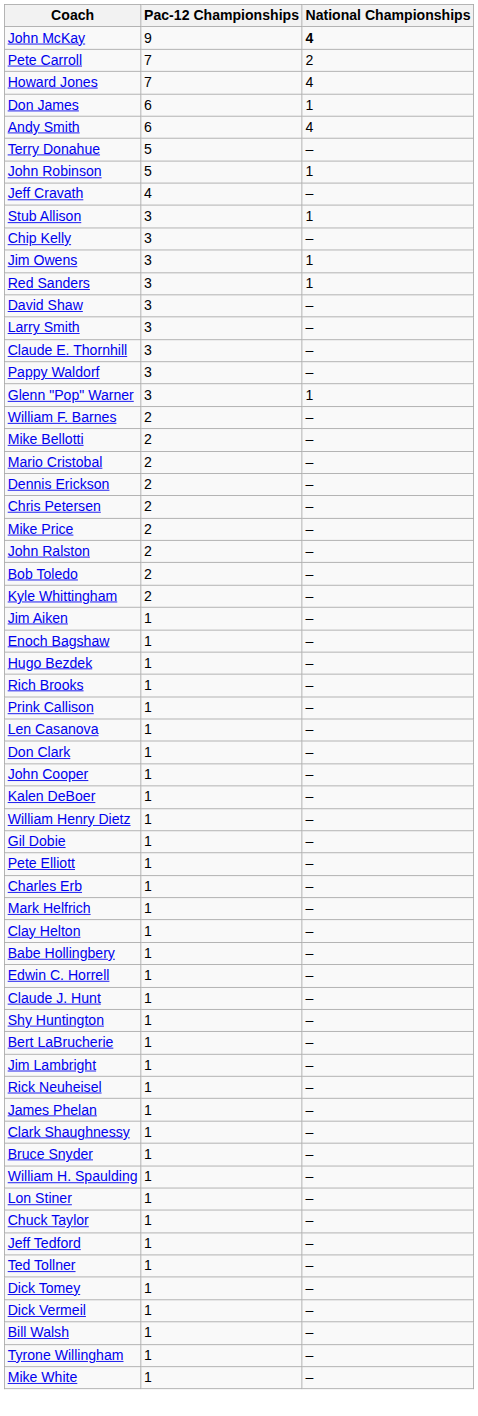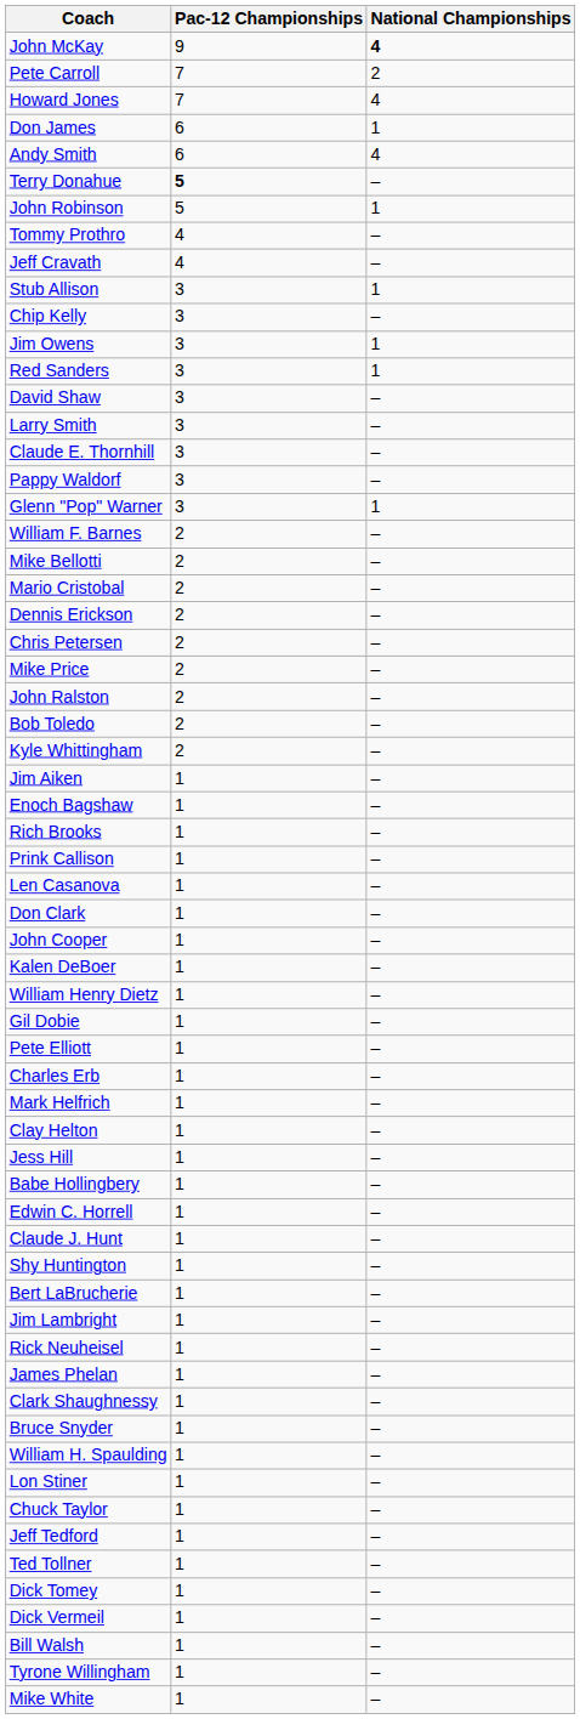 <table class="wikitable sortable" style="align:center;">
 <tr>
 <th>Coach</th>
 <th>Pac-12 Championships</th>
 <th>National Championships</th>
 </tr>
 <tr>
 <td><a href='#'>John McKay</a></td>
 <td>9</td>
 <td><strong>4</strong></td>
 </tr>
 <tr>
 <td><a href='#'>Pete Carroll</a></td>
 <td>7</td>
 <td>2</td>
 </tr>
 <tr>
 <td><a href='#'>Howard Jones</a></td>
 <td>7</td>
 <td>4</td>
 </tr>
 <tr>
 <td><a href='#'>Don James</a></td>
 <td>6</td>
 <td>1</td>
 </tr>
 <tr>
 <td><a href='#'>Andy Smith</a></td>
 <td>6</td>
 <td>4</td>
 </tr>
 <tr>
 <td><a href='#'>Terry Donahue</a></td>
-<td>5</td>
+<td><strong>5</strong></td>
 <td>–</td>
 </tr>
 <tr>
 <td><a href='#'>John Robinson</a></td>
 <td>5</td>
 <td>1</td>
+</tr>
+<tr>
+<td><a href='#'>Tommy Prothro</a></td>
+<td>4</td>
+<td>–</td>
 </tr>
 <tr>
 <td><a href='#'>Jeff Cravath</a></td>
 <td>4</td>
 <td>–</td>
 </tr>
 <tr>
 <td><a href='#'>Stub Allison</a></td>
 <td>3</td>
 <td>1</td>
 </tr>
 <tr>
 <td><a href='#'>Chip Kelly</a></td>
 <td>3</td>
 <td>–</td>
 </tr>
 <tr>
 <td><a href='#'>Jim Owens</a></td>
 <td>3</td>
 <td>1</td>
 </tr>
 <tr>
 <td><a href='#'>Red Sanders</a></td>
 <td>3</td>
 <td>1</td>
 </tr>
 <tr>
 <td><a href='#'>David Shaw</a></td>
 <td>3</td>
 <td>–</td>
 </tr>
 <tr>
 <td><a href='#'>Larry Smith</a></td>
 <td>3</td>
 <td>–</td>
 </tr>
 <tr>
 <td><a href='#'>Claude E. Thornhill</a></td>
 <td>3</td>
 <td>–</td>
 </tr>
 <tr>
 <td><a href='#'>Pappy Waldorf</a></td>
 <td>3</td>
 <td>–</td>
 </tr>
 <tr>
 <td><a href='#'>Glenn "Pop" Warner</a></td>
 <td>3</td>
 <td>1</td>
 </tr>
 <tr>
 <td><a href='#'>William F. Barnes</a></td>
 <td>2</td>
 <td>–</td>
 </tr>
 <tr>
 <td><a href='#'>Mike Bellotti</a></td>
 <td>2</td>
 <td>–</td>
 </tr>
 <tr>
 <td><a href='#'>Mario Cristobal</a></td>
 <td>2</td>
 <td>–</td>
 </tr>
 <tr>
 <td><a href='#'>Dennis Erickson</a></td>
 <td>2</td>
 <td>–</td>
 </tr>
 <tr>
 <td><a href='#'>Chris Petersen</a></td>
 <td>2</td>
 <td>–</td>
 </tr>
 <tr>
 <td><a href='#'>Mike Price</a></td>
 <td>2</td>
 <td>–</td>
 </tr>
 <tr>
 <td><a href='#'>John Ralston</a></td>
 <td>2</td>
 <td>–</td>
 </tr>
 <tr>
 <td><a href='#'>Bob Toledo</a></td>
 <td>2</td>
 <td>–</td>
 </tr>
 <tr>
 <td><a href='#'>Kyle Whittingham</a></td>
 <td>2</td>
 <td>–</td>
 </tr>
 <tr>
 <td><a href='#'>Jim Aiken</a></td>
 <td>1</td>
 <td>–</td>
 </tr>
 <tr>
 <td><a href='#'>Enoch Bagshaw</a></td>
 <td>1</td>
 <td>–</td>
 </tr>
 <tr>
-<td><a href='#'>Hugo Bezdek</a></td>
-<td>1</td>
-<td>–</td>
-</tr>
-<tr>
 <td><a href='#'>Rich Brooks</a></td>
 <td>1</td>
 <td>–</td>
 </tr>
 <tr>
 <td><a href='#'>Prink Callison</a></td>
 <td>1</td>
 <td>–</td>
 </tr>
 <tr>
 <td><a href='#'>Len Casanova</a></td>
 <td>1</td>
 <td>–</td>
 </tr>
 <tr>
 <td><a href='#'>Don Clark</a></td>
 <td>1</td>
 <td>–</td>
 </tr>
 <tr>
 <td><a href='#'>John Cooper</a></td>
 <td>1</td>
 <td>–</td>
 </tr>
 <tr>
 <td><a href='#'>Kalen DeBoer</a></td>
 <td>1</td>
 <td>–</td>
 </tr>
 <tr>
 <td><a href='#'>William Henry Dietz</a></td>
 <td>1</td>
 <td>–</td>
 </tr>
 <tr>
 <td><a href='#'>Gil Dobie</a></td>
 <td>1</td>
 <td>–</td>
 </tr>
 <tr>
 <td><a href='#'>Pete Elliott</a></td>
 <td>1</td>
 <td>–</td>
 </tr>
 <tr>
 <td><a href='#'>Charles Erb</a></td>
 <td>1</td>
 <td>–</td>
 </tr>
 <tr>
 <td><a href='#'>Mark Helfrich</a></td>
 <td>1</td>
 <td>–</td>
 </tr>
 <tr>
 <td><a href='#'>Clay Helton</a></td>
+<td>1</td>
+<td>–</td>
+</tr>
+<tr>
+<td><a href='#'>Jess Hill</a></td>
 <td>1</td>
 <td>–</td>
 </tr>
 <tr>
 <td><a href='#'>Babe Hollingbery</a></td>
 <td>1</td>
 <td>–</td>
 </tr>
 <tr>
 <td><a href='#'>Edwin C. Horrell</a></td>
 <td>1</td>
 <td>–</td>
 </tr>
 <tr>
 <td><a href='#'>Claude J. Hunt</a></td>
 <td>1</td>
 <td>–</td>
 </tr>
 <tr>
 <td><a href='#'>Shy Huntington</a></td>
 <td>1</td>
 <td>–</td>
 </tr>
 <tr>
 <td><a href='#'>Bert LaBrucherie</a></td>
 <td>1</td>
 <td>–</td>
 </tr>
 <tr>
 <td><a href='#'>Jim Lambright</a></td>
 <td>1</td>
 <td>–</td>
 </tr>
 <tr>
 <td><a href='#'>Rick Neuheisel</a></td>
 <td>1</td>
 <td>–</td>
 </tr>
 <tr>
 <td><a href='#'>James Phelan</a></td>
 <td>1</td>
 <td>–</td>
 </tr>
 <tr>
 <td><a href='#'>Clark Shaughnessy</a></td>
 <td>1</td>
 <td>–</td>
 </tr>
 <tr>
 <td><a href='#'>Bruce Snyder</a></td>
 <td>1</td>
 <td>–</td>
 </tr>
 <tr>
 <td><a href='#'>William H. Spaulding</a></td>
 <td>1</td>
 <td>–</td>
 </tr>
 <tr>
 <td><a href='#'>Lon Stiner</a></td>
 <td>1</td>
 <td>–</td>
 </tr>
 <tr>
 <td><a href='#'>Chuck Taylor</a></td>
 <td>1</td>
 <td>–</td>
 </tr>
 <tr>
 <td><a href='#'>Jeff Tedford</a></td>
 <td>1</td>
 <td>–</td>
 </tr>
 <tr>
 <td><a href='#'>Ted Tollner</a></td>
 <td>1</td>
 <td>–</td>
 </tr>
 <tr>
 <td><a href='#'>Dick Tomey</a></td>
 <td>1</td>
 <td>–</td>
 </tr>
 <tr>
 <td><a href='#'>Dick Vermeil</a></td>
 <td>1</td>
 <td>–</td>
 </tr>
 <tr>
 <td><a href='#'>Bill Walsh</a></td>
 <td>1</td>
 <td>–</td>
 </tr>
 <tr>
 <td><a href='#'>Tyrone Willingham</a></td>
 <td>1</td>
 <td>–</td>
 </tr>
 <tr>
 <td><a href='#'>Mike White</a></td>
 <td>1</td>
 <td>–</td>
 </tr>
 </table>
